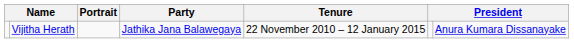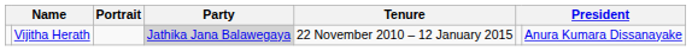 <table class="wikitable" style="font-size:90%; text-align:center;">
 <tr>
 <th colspan="2">Name</th>
 <th>Portrait</th>
 <th>Party</th>
 <th>Tenure</th>
 <th colspan="2"><a href='#'>President</a></th>
 </tr>
 <tr>
 <td !align="center" style="background:"></td>
 <td><a href='#'>Vijitha Herath</a></td>
 <td></td>
-<td><a href='#'>Jathika Jana Balawegaya</a></td>
+<td style="background: lightgrey;"><a href='#'>Jathika Jana Balawegaya</a></td>
 <td>22 November 2010 – 12 January 2015</td>
 <td !align="center" style="background:"></td>
 <td><a href='#'>Anura Kumara Dissanayake</a></td>
 </tr>
 </table>
